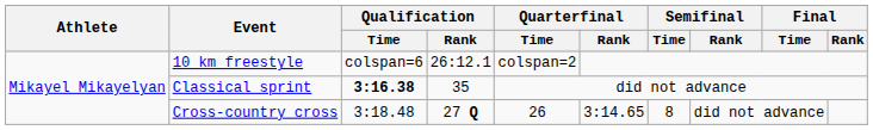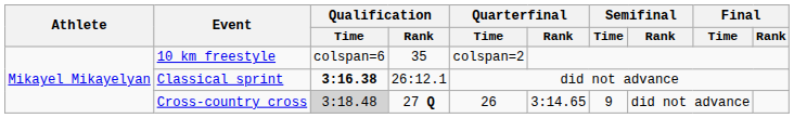 <table class="wikitable" style="font-size:90%">
 <tr>
 <th rowspan="2">Athlete</th>
 <th rowspan="2">Event</th>
 <th colspan="2">Qualification</th>
 <th colspan="2">Quarterfinal</th>
 <th colspan="2">Semifinal</th>
 <th colspan="2">Final</th>
 </tr>
 <tr style="font-size:95%">
 <th>Time</th>
 <th>Rank</th>
 <th>Time</th>
 <th>Rank</th>
 <th>Time</th>
 <th>Rank</th>
 <th>Time</th>
 <th>Rank</th>
 </tr>
 <tr align=center>
 <td align=left rowspan=3><a href='#'>Mikayel Mikayelyan</a></td>
 <td align=left><a href='#'>10 km freestyle</a></td>
 <td>colspan=6 </td>
-<td>26:12.1</td>
+<td>35</td>
 <td>colspan=2 </td>
 </tr>
 <tr align=center>
 <td align=left><a href='#'>Classical sprint</a></td>
 <td><strong>3:16.38</strong></td>
-<td>35</td>
+<td>26:12.1</td>
 <td colspan=6>did not advance</td>
 </tr>
 <tr align=center>
 <td align=left><a href='#'>Cross-country cross</a></td>
-<td>3:18.48</td>
+<td style="background: lightgrey;">3:18.48</td>
 <td>27 <strong>Q</strong></td>
 <td>26</td>
 <td>3:14.65</td>
-<td>8</td>
+<td>9</td>
 <td colspan=2>did not advance</td>
 </tr>
 </table>
